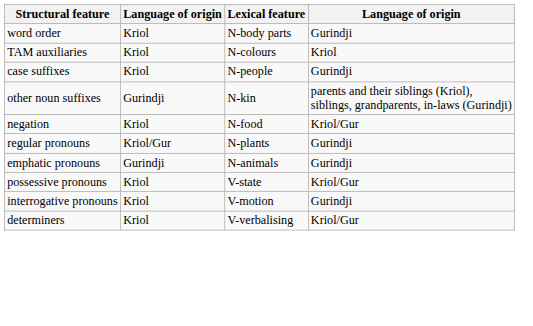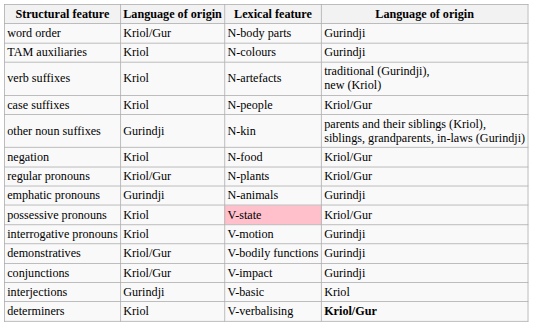 <table class="wikitable">
 <tr>
 <th>Structural feature</th>
 <th>Language of origin</th>
 <th>Lexical feature</th>
 <th>Language of origin</th>
 </tr>
 <tr>
 <td>word order</td>
-<td>Kriol</td>
+<td>Kriol/Gur</td>
 <td>N-body parts</td>
 <td>Gurindji</td>
 </tr>
 <tr>
 <td>TAM auxiliaries</td>
 <td>Kriol</td>
 <td>N-colours</td>
+<td>Gurindji</td>
+</tr>
+<tr>
+<td>verb suffixes</td>
 <td>Kriol</td>
+<td>N-artefacts</td>
+<td>traditional (Gurindji),<br>new (Kriol)</td>
 </tr>
 <tr>
 <td>case suffixes</td>
 <td>Kriol</td>
 <td>N-people</td>
-<td>Gurindji</td>
+<td>Kriol/Gur</td>
 </tr>
 <tr>
 <td>other noun suffixes</td>
 <td>Gurindji</td>
 <td>N-kin</td>
 <td>parents and their siblings (Kriol),<br>siblings, grandparents, in-laws (Gurindji)</td>
 </tr>
 <tr>
 <td>negation</td>
 <td>Kriol</td>
 <td>N-food</td>
 <td>Kriol/Gur</td>
 </tr>
 <tr>
 <td>regular pronouns</td>
 <td>Kriol/Gur</td>
 <td>N-plants</td>
-<td>Gurindji</td>
+<td>Kriol/Gur</td>
 </tr>
 <tr>
 <td>emphatic pronouns</td>
 <td>Gurindji</td>
 <td>N-animals</td>
 <td>Gurindji</td>
 </tr>
 <tr>
 <td>possessive pronouns</td>
 <td>Kriol</td>
-<td>V-state</td>
+<td style="background: pink;">V-state</td>
 <td>Kriol/Gur</td>
 </tr>
 <tr>
 <td>interrogative pronouns</td>
 <td>Kriol</td>
 <td>V-motion</td>
 <td>Gurindji</td>
 </tr>
 <tr>
+<td>demonstratives</td>
+<td>Kriol/Gur</td>
+<td>V-bodily functions</td>
+<td>Gurindji</td>
+</tr>
+<tr>
+<td>conjunctions</td>
+<td>Kriol/Gur</td>
+<td>V-impact</td>
+<td>Gurindji</td>
+</tr>
+<tr>
+<td>interjections</td>
+<td>Gurindji</td>
+<td>V-basic</td>
+<td>Kriol</td>
+</tr>
+<tr>
 <td>determiners</td>
 <td>Kriol</td>
 <td>V-verbalising</td>
-<td>Kriol/Gur</td>
+<td><strong>Kriol/Gur</strong></td>
 </tr>
 </table>
